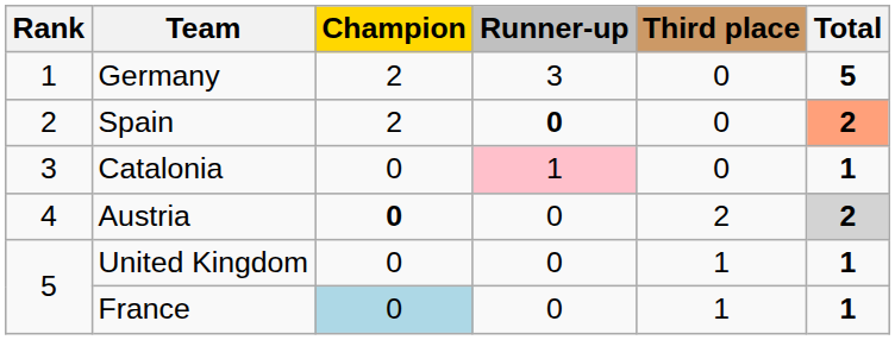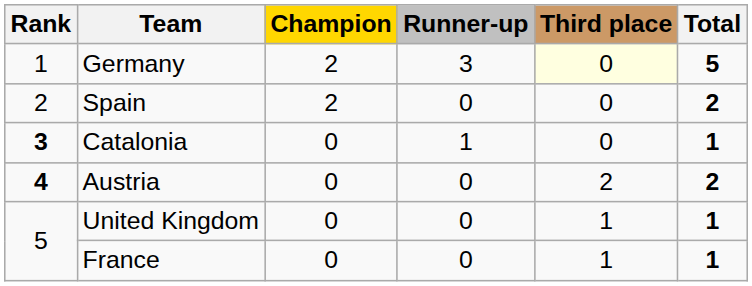 <table class="wikitable sortable" style="text-align:center;">
 <tr>
 <th>Rank</th>
 <th>Team</th>
 <th style="background:gold;">Champion</th>
 <th style="background:silver;">Runner-up</th>
 <th style="background:#c96;">Third place</th>
 <th>Total</th>
 </tr>
 <tr>
 <td>1</td>
 <td style="text-align:left;"> Germany</td>
 <td>2</td>
 <td>3</td>
-<td>0</td>
+<td style="background: lightyellow;">0</td>
 <td><strong>5</strong></td>
 </tr>
 <tr>
 <td>2</td>
 <td style="text-align:left;"> Spain</td>
 <td>2</td>
-<td><strong>0</strong></td>
 <td>0</td>
-<td style="background: lightsalmon;"><strong>2</strong></td>
+<td>0</td>
+<td><strong>2</strong></td>
 </tr>
 <tr>
-<td>3</td>
+<td><strong>3</strong></td>
 <td style="text-align:left;"> Catalonia</td>
 <td>0</td>
-<td style="background: pink;">1</td>
+<td>1</td>
 <td>0</td>
 <td><strong>1</strong></td>
 </tr>
 <tr>
-<td>4</td>
+<td><strong>4</strong></td>
 <td style="text-align:left;"> Austria</td>
-<td><strong>0</strong></td>
+<td>0</td>
 <td>0</td>
 <td>2</td>
-<td style="background: lightgrey;"><strong>2</strong></td>
+<td><strong>2</strong></td>
 </tr>
 <tr>
 <td rowspan="2">5</td>
 <td style="text-align:left;"> United Kingdom</td>
 <td>0</td>
 <td>0</td>
 <td>1</td>
 <td><strong>1</strong></td>
 </tr>
 <tr>
 <td style="text-align:left;"> France</td>
-<td style="background: lightblue;">0</td>
+<td>0</td>
 <td>0</td>
 <td>1</td>
 <td><strong>1</strong></td>
 </tr>
 </table>
